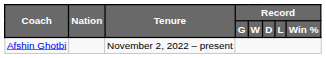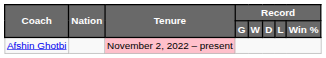 <table class="wikitable" style="text-align:left">
 <tr>
 <th rowspan="2" style="background:#696969; color:#FFF; border: 2px solid #000000;">Coach</th>
 <th rowspan="2" style="background:#696969; color:#FFF; border: 2px solid #000000;">Nation</th>
 <th rowspan="2" style="background:#696969; color:#FFF; border: 2px solid #000000;">Tenure</th>
 <th style="background:#696969; color:#FFF; border: 2px solid #000000;" scope="col" colspan="5">Record</th>
 </tr>
 <tr>
 <th style="background:#696969; color:#FFF; border: 2px solid #000000;">G</th>
 <th style="background:#696969; color:#FFF; border: 2px solid #000000;">W</th>
 <th style="background:#696969; color:#FFF; border: 2px solid #000000;">D</th>
 <th style="background:#696969; color:#FFF; border: 2px solid #000000;">L</th>
 <th style="background:#696969; color:#FFF; border: 2px solid #000000;">Win %</th>
 </tr>
 <tr>
 <td><a href='#'>Afshin Ghotbi</a></td>
 <td></td>
-<td>November 2, 2022 – present<br></td>
+<td style="background: pink;">November 2, 2022 – present<br></td>
 </tr>
 </table>
